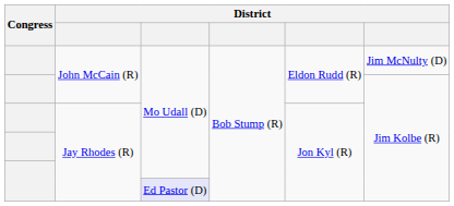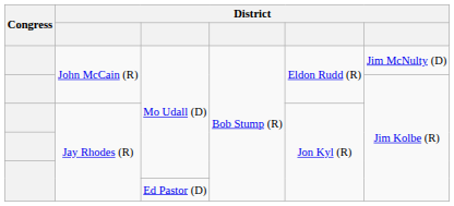 <table class=wikitable style="text-align:center">
 <tr>
 <th scope="col" rowspan=2>Congress</th>
 <th scope="colgroup" colspan=5>District</th>
 </tr>
 <tr style="height:2em">
 <th scope="col"></th>
 <th scope="col"></th>
 <th scope="col"></th>
 <th scope="col"></th>
 <th scope="col"></th>
 </tr>
 <tr style="height:2.5em">
 <th scope="row"> </th>
 <td rowspan=2 ><a href='#'>John McCain</a> (R)</td>
 <td rowspan=5 ><a href='#'>Mo Udall</a> (D)</td>
 <td rowspan=6 ><a href='#'>Bob Stump</a> (R)</td>
 <td rowspan=2 ><a href='#'>Eldon Rudd</a> (R)</td>
 <td><a href='#'>Jim McNulty</a> (D)</td>
 </tr>
 <tr style="height:2.5em">
 <th scope="row"> </th>
 <td rowspan=5 ><a href='#'>Jim Kolbe</a> (R)</td>
 </tr>
 <tr style="height:2.5em">
 <th scope="row"> </th>
 <td rowspan=4 ><a href='#'>Jay Rhodes</a> (R)</td>
 <td rowspan=4 ><a href='#'>Jon Kyl</a> (R)</td>
 </tr>
 <tr style="height:2.5em">
 <th scope="row"> </th>
 </tr>
 <tr style="height:1.5em">
 <th scope="row"  rowspan=2> </th>
 </tr>
 <tr style="height:2em">
-<td style="background: lavender;"><a href='#'>Ed Pastor</a> (D)</td>
+<td><a href='#'>Ed Pastor</a> (D)</td>
 </tr>
 </table>
